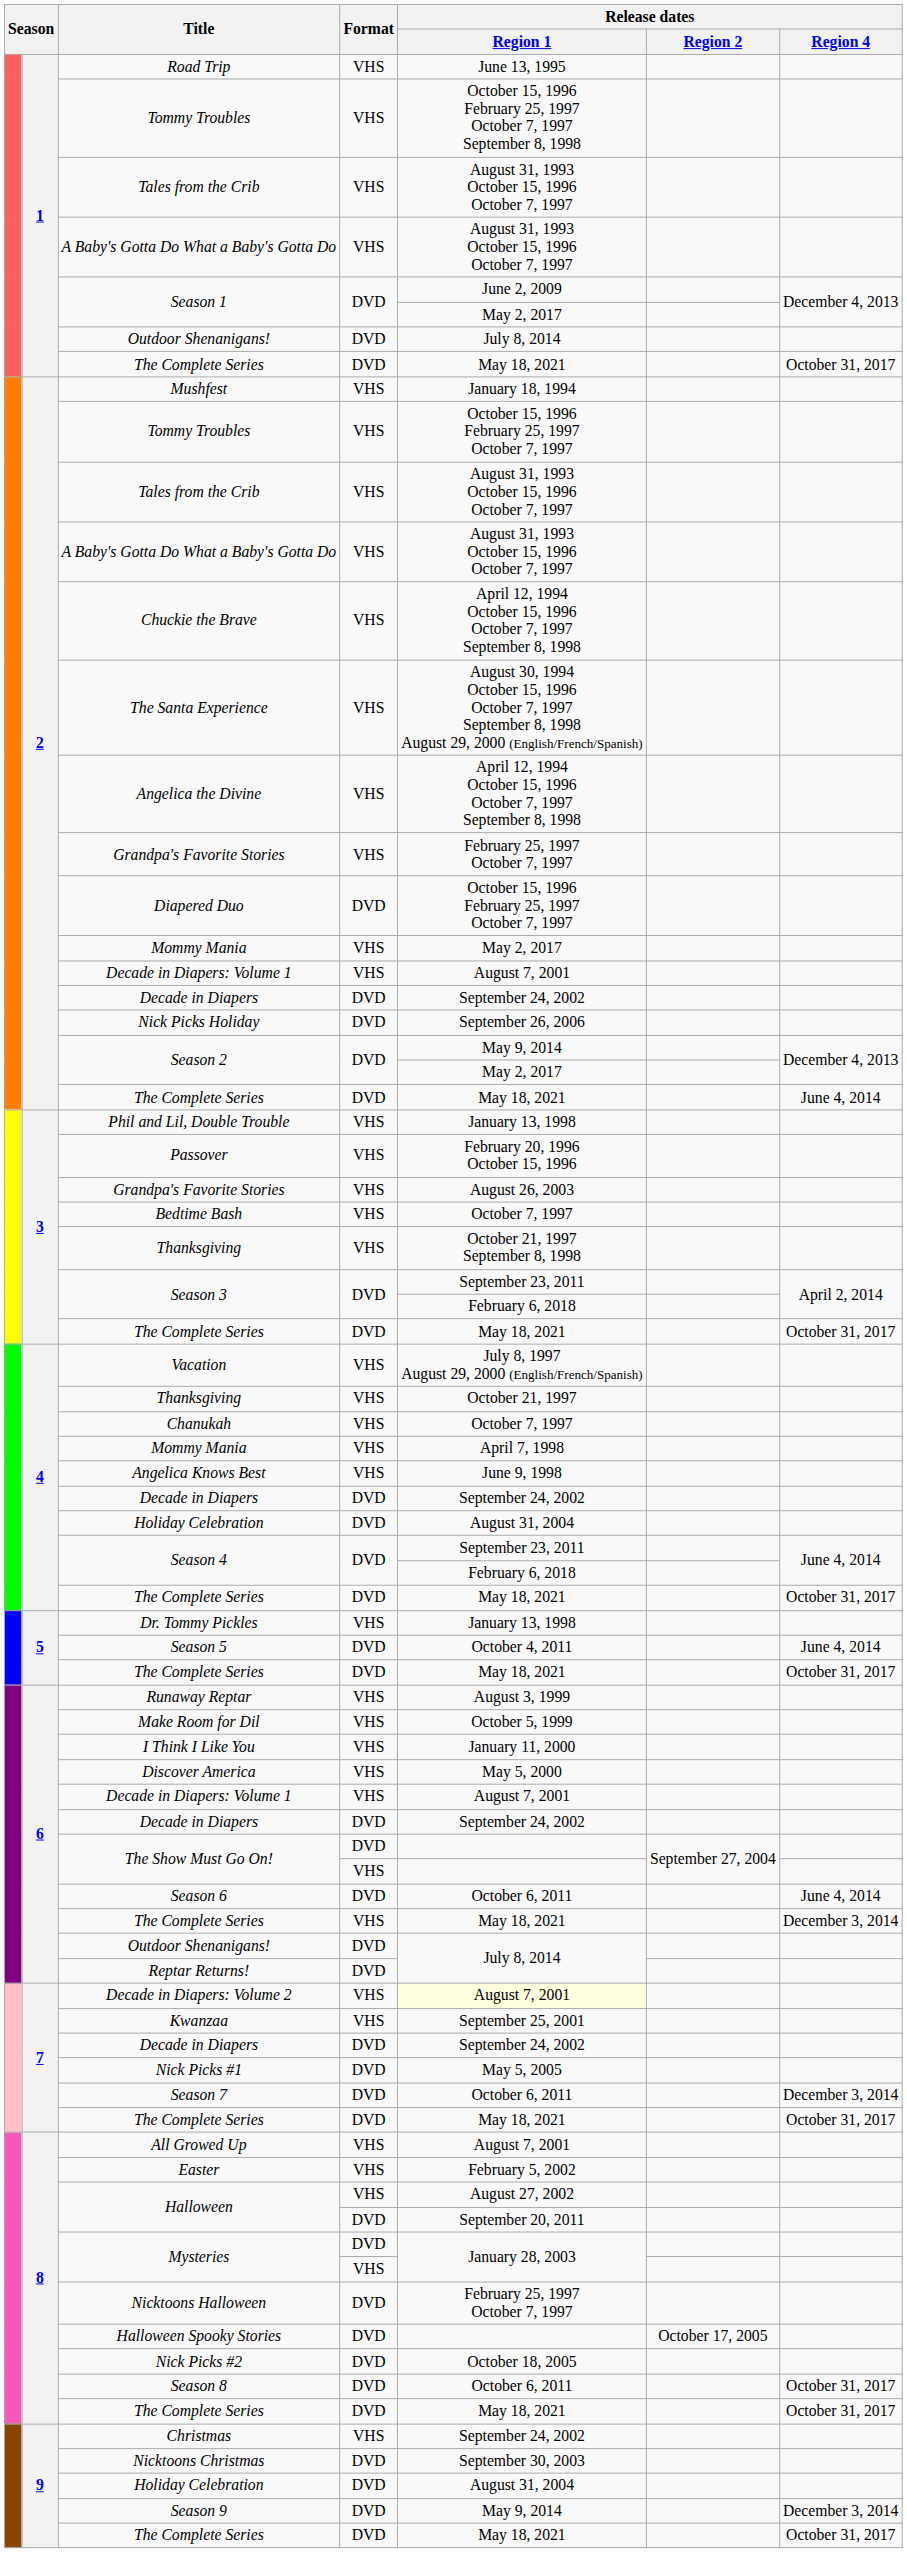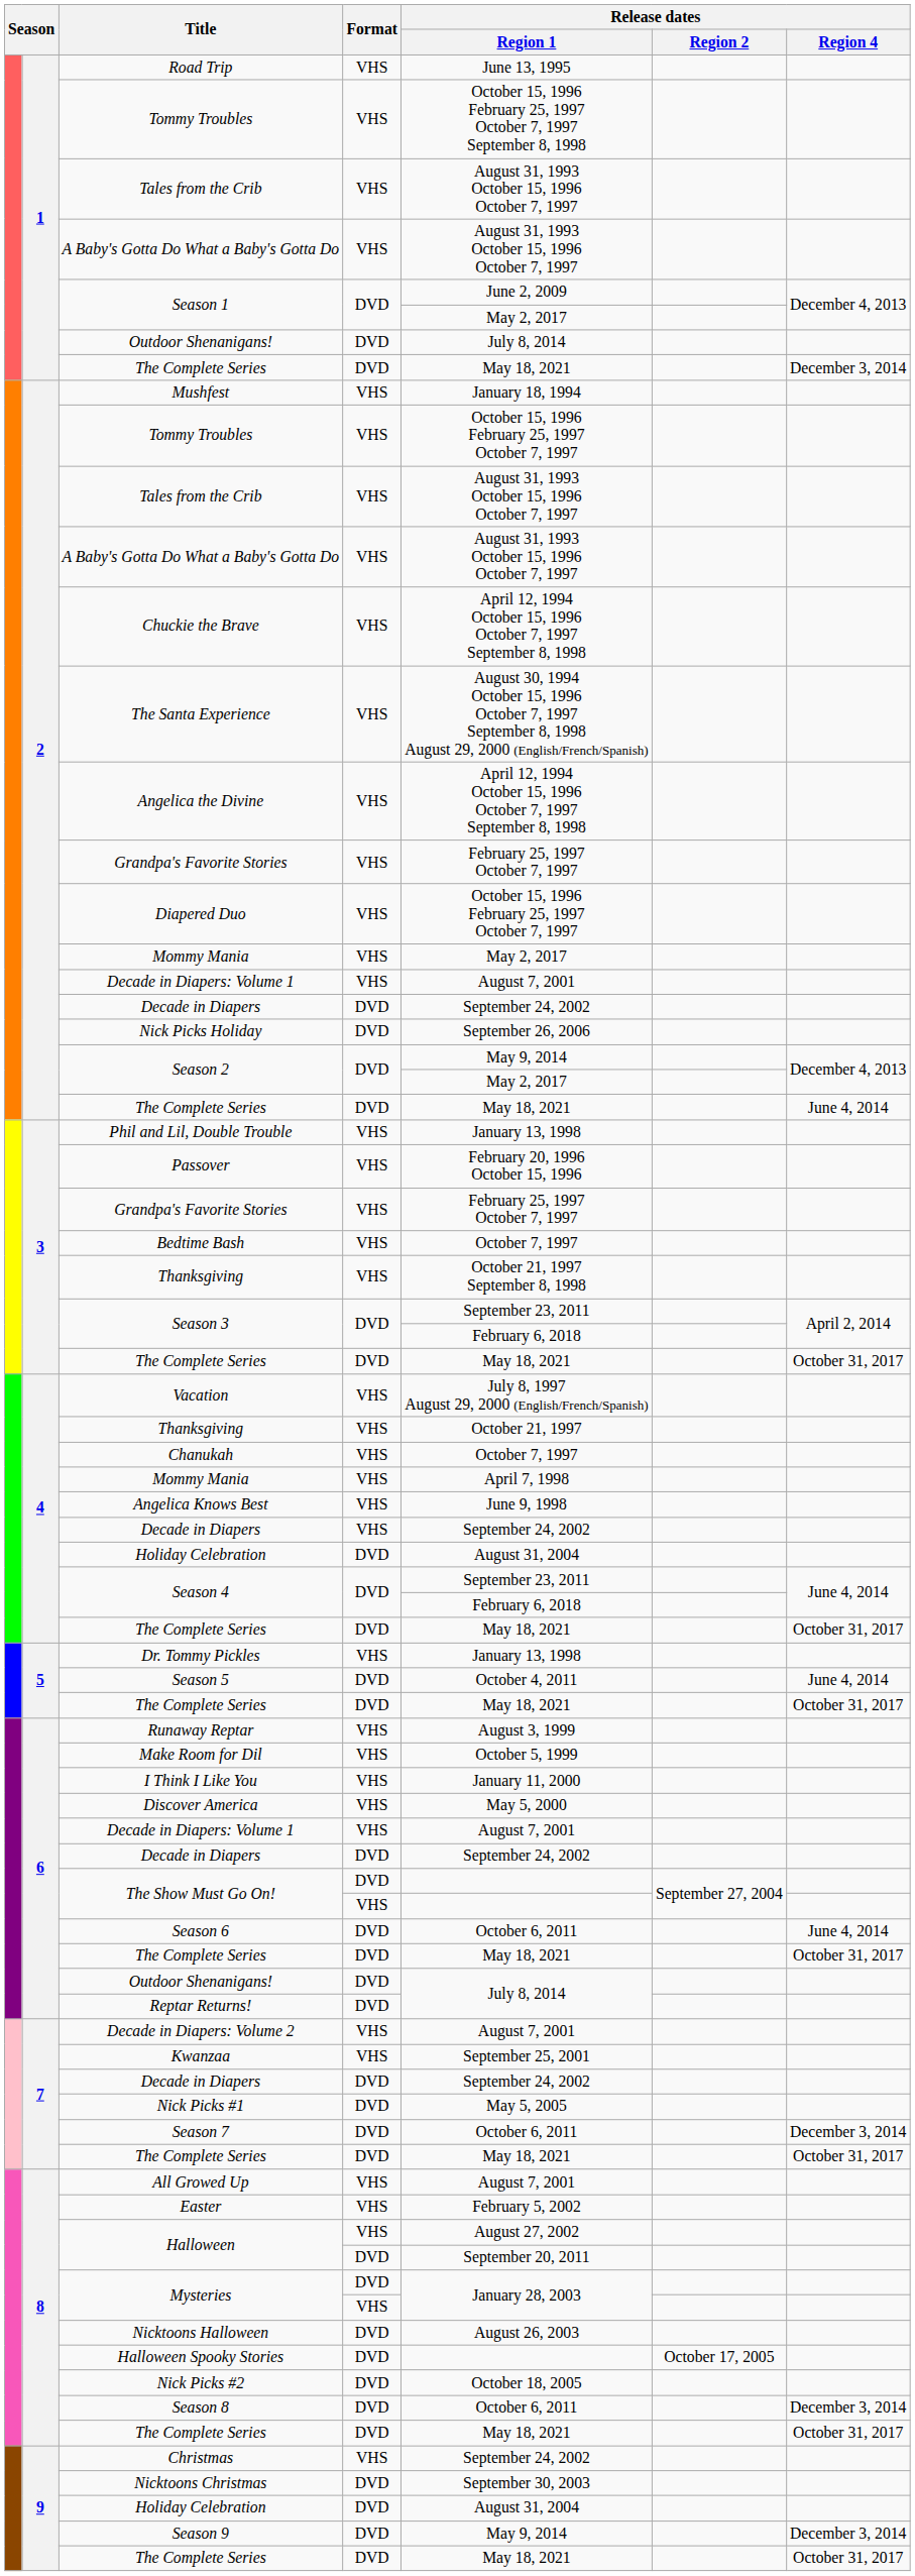 <table class="wikitable sortable" style="text-align: center">
 <tr>
 <th colspan=2 rowspan=2>Season</th>
 <th rowspan=2>Title</th>
 <th rowspan=2>Format</th>
 <th colspan=3>Release dates</th>
 </tr>
 <tr>
 <th><a href='#'>Region 1</a></th>
 <th><a href='#'>Region 2</a></th>
 <th><a href='#'>Region 4</a></th>
 </tr>
 <tr>
 <th rowspan=8 style="background:#FF5F5F"></th>
 <th rowspan=8><a href='#'>1</a></th>
 <td><em>Road Trip</em></td>
 <td>VHS</td>
 <td>June 13, 1995</td>
 <td></td>
 <td></td>
 </tr>
 <tr>
 <td><em>Tommy Troubles</em></td>
 <td>VHS</td>
 <td>October 15, 1996<br>February 25, 1997<br>October 7, 1997<br>September 8, 1998</td>
 <td></td>
 <td></td>
 </tr>
 <tr>
 <td><em>Tales from the Crib</em></td>
 <td>VHS</td>
 <td>August 31, 1993<br>October 15, 1996<br>October 7, 1997</td>
 <td></td>
 <td></td>
 </tr>
 <tr>
 <td><em>A Baby's Gotta Do What a Baby's Gotta Do</em></td>
 <td>VHS</td>
 <td>August 31, 1993<br>October 15, 1996<br>October 7, 1997</td>
 <td></td>
 <td></td>
 </tr>
 <tr>
 <td rowspan=2><em>Season 1</em></td>
 <td rowspan=2>DVD</td>
 <td>June 2, 2009</td>
 <td></td>
 <td rowspan=2>December 4, 2013</td>
 </tr>
 <tr>
 <td>May 2, 2017</td>
 <td></td>
 </tr>
 <tr>
 <td><em>Outdoor Shenanigans!</em></td>
 <td>DVD</td>
 <td>July 8, 2014</td>
 <td></td>
 <td></td>
 </tr>
 <tr>
 <td><em>The Complete Series</em></td>
 <td>DVD</td>
 <td>May 18, 2021</td>
 <td></td>
-<td>October 31, 2017</td>
+<td>December 3, 2014</td>
 </tr>
 <tr>
 <th rowspan=16 style="background:#FF7F00"></th>
 <th rowspan=16><a href='#'>2</a></th>
 <td><em>Mushfest</em></td>
 <td>VHS</td>
 <td>January 18, 1994</td>
 <td></td>
 <td></td>
 </tr>
 <tr>
 <td><em>Tommy Troubles</em></td>
 <td>VHS</td>
 <td>October 15, 1996<br>February 25, 1997<br>October 7, 1997</td>
 <td></td>
 <td></td>
 </tr>
 <tr>
 <td><em>Tales from the Crib</em></td>
 <td>VHS</td>
 <td>August 31, 1993<br>October 15, 1996<br>October 7, 1997</td>
 <td></td>
 <td></td>
 </tr>
 <tr>
 <td><em>A Baby's Gotta Do What a Baby's Gotta Do</em></td>
 <td>VHS</td>
 <td>August 31, 1993<br>October 15, 1996<br>October 7, 1997</td>
 <td></td>
 <td></td>
 </tr>
 <tr>
 <td><em>Chuckie the Brave</em></td>
 <td>VHS</td>
 <td>April 12, 1994<br>October 15, 1996<br>October 7, 1997<br>September 8, 1998</td>
 <td></td>
 <td></td>
 </tr>
 <tr>
 <td><em>The Santa Experience</em></td>
 <td>VHS</td>
 <td>August 30, 1994<br>October 15, 1996<br>October 7, 1997<br>September 8, 1998<br>August 29, 2000 <small>(English/French/Spanish)</small></td>
 <td></td>
 <td></td>
 </tr>
 <tr>
 <td><em>Angelica the Divine</em></td>
 <td>VHS</td>
 <td>April 12, 1994<br>October 15, 1996<br>October 7, 1997<br>September 8, 1998</td>
 <td></td>
 <td></td>
 </tr>
 <tr>
 <td><em>Grandpa's Favorite Stories</em></td>
 <td>VHS</td>
 <td>February 25, 1997<br>October 7, 1997</td>
 <td></td>
 <td></td>
 </tr>
 <tr>
 <td><em>Diapered Duo</em></td>
-<td>DVD</td>
+<td>VHS</td>
 <td>October 15, 1996<br>February 25, 1997<br>October 7, 1997</td>
 <td></td>
 <td></td>
 </tr>
 <tr>
 <td><em>Mommy Mania</em></td>
 <td>VHS</td>
 <td>May 2, 2017</td>
 <td></td>
 <td></td>
 </tr>
 <tr>
 <td><em>Decade in Diapers: Volume 1</em></td>
 <td>VHS</td>
 <td>August 7, 2001</td>
 <td></td>
 <td></td>
 </tr>
 <tr>
 <td><em>Decade in Diapers</em></td>
 <td>DVD</td>
 <td>September 24, 2002</td>
 <td></td>
 <td></td>
 </tr>
 <tr>
 <td><em>Nick Picks Holiday</em></td>
 <td>DVD</td>
 <td>September 26, 2006</td>
 <td></td>
 <td></td>
 </tr>
 <tr>
 <td rowspan=2><em>Season 2</em></td>
 <td rowspan=2>DVD</td>
 <td>May 9, 2014</td>
 <td></td>
 <td rowspan=2>December 4, 2013</td>
 </tr>
 <tr>
 <td>May 2, 2017</td>
 <td></td>
 </tr>
 <tr>
 <td><em>The Complete Series</em></td>
 <td>DVD</td>
 <td>May 18, 2021</td>
 <td></td>
 <td>June 4, 2014</td>
 </tr>
 <tr>
 <th rowspan=8 style="background:#FFFF00"></th>
 <th rowspan=8><a href='#'>3</a></th>
 <td><em>Phil and Lil, Double Trouble</em></td>
 <td>VHS</td>
 <td>January 13, 1998</td>
 <td></td>
 <td></td>
 </tr>
 <tr>
 <td><em>Passover</em></td>
 <td>VHS</td>
 <td>February 20, 1996<br>October 15, 1996</td>
 <td></td>
 <td></td>
 </tr>
 <tr>
 <td><em>Grandpa's Favorite Stories</em></td>
 <td>VHS</td>
-<td>August 26, 2003</td>
+<td>February 25, 1997<br>October 7, 1997</td>
 <td></td>
 <td></td>
 </tr>
 <tr>
 <td><em>Bedtime Bash</em></td>
 <td>VHS</td>
 <td>October 7, 1997</td>
 <td></td>
 <td></td>
 </tr>
 <tr>
 <td><em>Thanksgiving</em></td>
 <td>VHS</td>
 <td>October 21, 1997<br>September 8, 1998</td>
 <td></td>
 <td></td>
 </tr>
 <tr>
 <td rowspan=2><em>Season 3</em></td>
 <td rowspan=2>DVD</td>
 <td>September 23, 2011</td>
 <td></td>
 <td rowspan=2>April 2, 2014</td>
 </tr>
 <tr>
 <td>February 6, 2018</td>
 <td></td>
 </tr>
 <tr>
 <td><em>The Complete Series</em></td>
 <td>DVD</td>
 <td>May 18, 2021</td>
 <td></td>
 <td>October 31, 2017</td>
 </tr>
 <tr>
 <th rowspan=10 style="background:#00FF00"></th>
 <th rowspan=10><a href='#'>4</a></th>
 <td><em>Vacation</em></td>
 <td>VHS</td>
 <td>July 8, 1997<br>August 29, 2000 <small>(English/French/Spanish)</small></td>
 <td></td>
 <td></td>
 </tr>
 <tr>
 <td><em>Thanksgiving</em></td>
 <td>VHS</td>
 <td>October 21, 1997</td>
 <td></td>
 <td></td>
 </tr>
 <tr>
 <td><em>Chanukah</em></td>
 <td>VHS</td>
 <td>October 7, 1997</td>
 <td></td>
 <td></td>
 </tr>
 <tr>
 <td><em>Mommy Mania</em></td>
 <td>VHS</td>
 <td>April 7, 1998</td>
 <td></td>
 <td></td>
 </tr>
 <tr>
 <td><em>Angelica Knows Best</em></td>
 <td>VHS</td>
 <td>June 9, 1998</td>
 <td></td>
 <td></td>
 </tr>
 <tr>
 <td><em>Decade in Diapers</em></td>
-<td>DVD</td>
+<td>VHS</td>
 <td>September 24, 2002</td>
 <td></td>
 <td></td>
 </tr>
 <tr>
 <td><em>Holiday Celebration</em></td>
 <td>DVD</td>
 <td>August 31, 2004</td>
 <td></td>
 <td></td>
 </tr>
 <tr>
 <td rowspan=2><em>Season 4</em></td>
 <td rowspan=2>DVD</td>
 <td>September 23, 2011</td>
 <td></td>
 <td rowspan=2>June 4, 2014</td>
 </tr>
 <tr>
 <td>February 6, 2018</td>
 <td></td>
 </tr>
 <tr>
 <td><em>The Complete Series</em></td>
 <td>DVD</td>
 <td>May 18, 2021</td>
 <td></td>
 <td>October 31, 2017</td>
 </tr>
 <tr>
 <th rowspan=3 style="background:#0000FF"></th>
 <th rowspan=3><a href='#'>5</a></th>
 <td><em>Dr. Tommy Pickles</em></td>
 <td>VHS</td>
 <td>January 13, 1998</td>
 <td></td>
 <td></td>
 </tr>
 <tr>
 <td><em>Season 5</em></td>
 <td>DVD</td>
 <td>October 4, 2011</td>
 <td></td>
 <td>June 4, 2014</td>
 </tr>
 <tr>
 <td><em>The Complete Series</em></td>
 <td>DVD</td>
 <td>May 18, 2021</td>
 <td></td>
 <td>October 31, 2017</td>
 </tr>
 <tr>
 <th rowspan=12 style="background:#800080"></th>
 <th rowspan=12><a href='#'>6</a></th>
 <td><em>Runaway Reptar</em></td>
 <td>VHS</td>
 <td>August 3, 1999</td>
 <td></td>
 <td></td>
 </tr>
 <tr>
 <td><em>Make Room for Dil</em></td>
 <td>VHS</td>
 <td>October 5, 1999</td>
 <td></td>
 <td></td>
 </tr>
 <tr>
 <td><em>I Think I Like You</em></td>
 <td>VHS</td>
 <td>January 11, 2000</td>
 <td></td>
 <td></td>
 </tr>
 <tr>
 <td><em>Discover America</em></td>
 <td>VHS</td>
 <td>May 5, 2000</td>
 <td></td>
 <td></td>
 </tr>
 <tr>
 <td><em>Decade in Diapers: Volume 1</em></td>
 <td>VHS</td>
 <td>August 7, 2001</td>
 <td></td>
 <td></td>
 </tr>
 <tr>
 <td><em>Decade in Diapers</em></td>
 <td>DVD</td>
 <td>September 24, 2002</td>
 <td></td>
 <td></td>
 </tr>
 <tr>
 <td rowspan=2><em>The Show Must Go On!</em></td>
 <td>DVD</td>
 <td></td>
 <td rowspan=2>September 27, 2004</td>
 <td></td>
 </tr>
 <tr>
 <td>VHS</td>
 <td></td>
 <td></td>
 </tr>
 <tr>
 <td><em>Season 6</em></td>
 <td>DVD</td>
 <td>October 6, 2011</td>
 <td></td>
 <td>June 4, 2014</td>
 </tr>
 <tr>
 <td><em>The Complete Series</em></td>
-<td>VHS</td>
+<td>DVD</td>
 <td>May 18, 2021</td>
 <td></td>
-<td>December 3, 2014</td>
+<td>October 31, 2017</td>
 </tr>
 <tr>
 <td><em>Outdoor Shenanigans!</em></td>
 <td>DVD</td>
 <td rowspan=2>July 8, 2014</td>
 <td></td>
 <td></td>
 </tr>
 <tr>
 <td><em>Reptar Returns!</em></td>
 <td>DVD</td>
 <td></td>
 <td></td>
 </tr>
 <tr>
 <th rowspan=6 style="background:#FFC0CB"></th>
 <th rowspan=6><a href='#'>7</a></th>
 <td><em>Decade in Diapers: Volume 2</em></td>
 <td>VHS</td>
-<td style="background: lightyellow;">August 7, 2001</td>
+<td>August 7, 2001</td>
 <td></td>
 <td></td>
 </tr>
 <tr>
 <td><em>Kwanzaa</em></td>
 <td>VHS</td>
 <td>September 25, 2001</td>
 <td></td>
 <td></td>
 </tr>
 <tr>
 <td><em>Decade in Diapers</em></td>
 <td>DVD</td>
 <td>September 24, 2002</td>
 <td></td>
 <td></td>
 </tr>
 <tr>
 <td><em>Nick Picks #1</em></td>
 <td>DVD</td>
 <td>May 5, 2005</td>
 <td></td>
 <td></td>
 </tr>
 <tr>
 <td><em>Season 7</em></td>
 <td>DVD</td>
 <td>October 6, 2011</td>
 <td></td>
 <td>December 3, 2014</td>
 </tr>
 <tr>
 <td><em>The Complete Series</em></td>
 <td>DVD</td>
 <td>May 18, 2021</td>
 <td></td>
 <td>October 31, 2017</td>
 </tr>
 <tr>
 <th rowspan=11 style="background:#F857BA"></th>
 <th rowspan=11><a href='#'>8</a></th>
 <td><em>All Growed Up</em></td>
 <td>VHS</td>
 <td>August 7, 2001</td>
 <td></td>
 <td></td>
 </tr>
 <tr>
 <td><em>Easter</em></td>
 <td>VHS</td>
 <td>February 5, 2002</td>
 <td></td>
 <td></td>
 </tr>
 <tr>
 <td rowspan=2><em>Halloween</em></td>
 <td>VHS</td>
 <td>August 27, 2002</td>
 <td></td>
 <td></td>
 </tr>
 <tr>
 <td>DVD</td>
 <td>September 20, 2011</td>
 <td></td>
 <td></td>
 </tr>
 <tr>
 <td rowspan=2><em>Mysteries</em></td>
 <td>DVD</td>
 <td rowspan=2>January 28, 2003</td>
 <td></td>
 <td></td>
 </tr>
 <tr>
 <td>VHS</td>
 <td></td>
 <td></td>
 </tr>
 <tr>
 <td><em>Nicktoons Halloween</em></td>
 <td>DVD</td>
-<td>February 25, 1997<br>October 7, 1997</td>
+<td>August 26, 2003</td>
 <td></td>
 <td></td>
 </tr>
 <tr>
 <td><em>Halloween Spooky Stories</em></td>
 <td>DVD</td>
 <td></td>
 <td>October 17, 2005</td>
 <td></td>
 </tr>
 <tr>
 <td><em>Nick Picks #2</em></td>
 <td>DVD</td>
 <td>October 18, 2005</td>
 <td></td>
 <td></td>
 </tr>
 <tr>
 <td><em>Season 8</em></td>
 <td>DVD</td>
 <td>October 6, 2011</td>
 <td></td>
-<td>October 31, 2017</td>
+<td>December 3, 2014</td>
 </tr>
 <tr>
 <td><em>The Complete Series</em></td>
 <td>DVD</td>
 <td>May 18, 2021</td>
 <td></td>
 <td>October 31, 2017</td>
 </tr>
 <tr>
 <th rowspan=18 style="background:#8A4500"></th>
 <th rowspan=18><a href='#'>9</a></th>
 <td><em>Christmas</em></td>
 <td>VHS</td>
 <td>September 24, 2002</td>
 <td></td>
 <td></td>
 </tr>
 <tr>
 <td><em>Nicktoons Christmas</em></td>
 <td>DVD</td>
 <td>September 30, 2003</td>
 <td></td>
 <td></td>
 </tr>
 <tr>
 <td><em>Holiday Celebration</em></td>
 <td>DVD</td>
 <td>August 31, 2004</td>
 <td></td>
 <td></td>
 </tr>
 <tr>
 <td><em>Season 9</em></td>
 <td>DVD</td>
 <td>May 9, 2014</td>
 <td></td>
 <td>December 3, 2014</td>
 </tr>
 <tr>
 <td><em>The Complete Series </em></td>
 <td>DVD</td>
 <td>May 18, 2021</td>
 <td></td>
 <td>October 31, 2017</td>
 </tr>
 </table>
